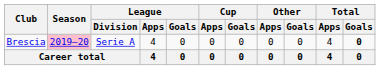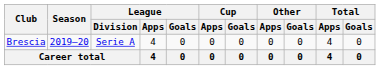 <table class="wikitable" style="text-align: center">
 <tr>
 <th rowspan="2">Club</th>
 <th rowspan="2">Season</th>
 <th colspan="3">League</th>
 <th colspan="2">Cup</th>
 <th colspan="2">Other</th>
 <th colspan="2">Total</th>
 </tr>
 <tr>
 <th>Division</th>
 <th>Apps</th>
 <th>Goals</th>
 <th>Apps</th>
 <th>Goals</th>
 <th>Apps</th>
 <th>Goals</th>
 <th>Apps</th>
 <th>Goals</th>
 </tr>
 <tr>
 <td><a href='#'>Brescia</a></td>
-<td style="background: pink;"><a href='#'>2019–20</a></td>
+<td><a href='#'>2019–20</a></td>
 <td><a href='#'>Serie A</a></td>
 <td>4</td>
 <td>0</td>
 <td>0</td>
 <td>0</td>
 <td>0</td>
 <td>0</td>
 <td>4</td>
-<td><strong>0</strong></td>
+<td>0</td>
 </tr>
 <tr>
 <th colspan="3">Career total</th>
 <th>4</th>
 <th>0</th>
 <th>0</th>
 <th>0</th>
 <th>0</th>
 <th>0</th>
 <th>4</th>
 <th>0</th>
 </tr>
 </table>
